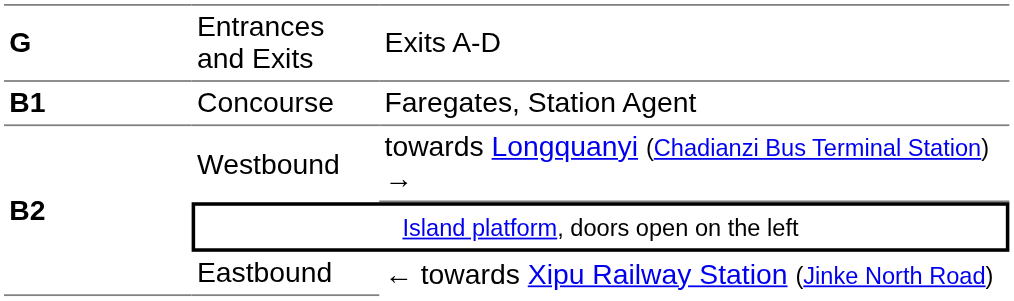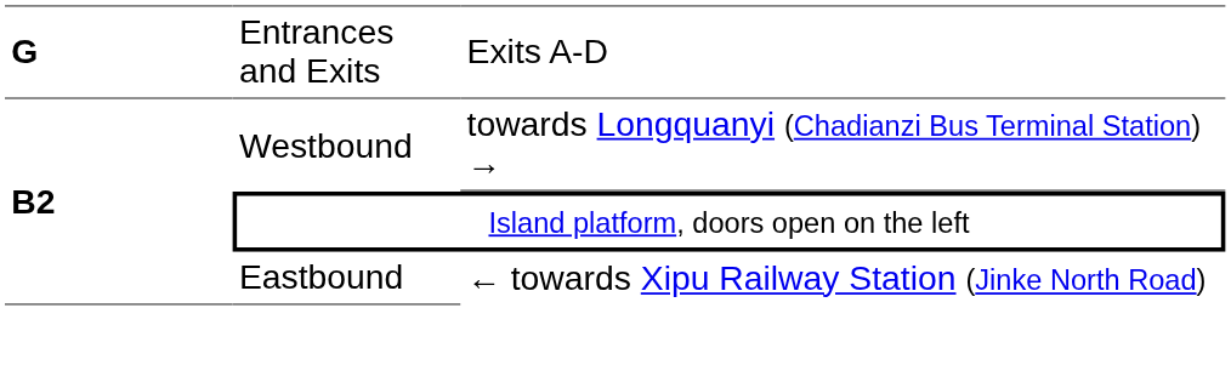 <table cellspacing=0 cellpadding=3>
 <tr>
 <td style="border-top:solid 1px gray;border-bottom:solid 1px gray;" width=100><strong>G</strong></td>
 <td style="border-top:solid 1px gray;border-bottom:solid 1px gray;" width=100>Entrances and Exits</td>
 <td style="border-top:solid 1px gray;border-bottom:solid 1px gray;" width=350>Exits A-D</td>
-</tr>
-<tr>
-<td style="border-bottom:solid 1px gray;"><strong>B1</strong></td>
-<td style="border-bottom:solid 1px gray;">Concourse</td>
-<td style="border-bottom:solid 1px gray;">Faregates, Station Agent</td>
 </tr>
 <tr>
 <td style="border-bottom:solid 1px gray;" rowspan=3><strong>B2</strong></td>
 <td>Westbound</td>
 <td style="border-bottom:solid 1px gray;">  towards <a href='#'>Longquanyi</a> <small>(<a href='#'>Chadianzi Bus Terminal Station</a>)</small> →</td>
 </tr>
 <tr>
 <td style="border-right:solid 2px black;border-left:solid 2px black;border-top:solid 2px black;border-bottom:solid 2px black;text-align:center;" colspan=2><small><a href='#'>Island platform</a>, doors open on the left</small></td>
 </tr>
 <tr>
 <td style="border-bottom:solid 1px gray;">Eastbound</td>
 <td>←  towards <a href='#'>Xipu Railway Station</a> <small>(<a href='#'>Jinke North Road</a>)</small></td>
 </tr>
 </table>
